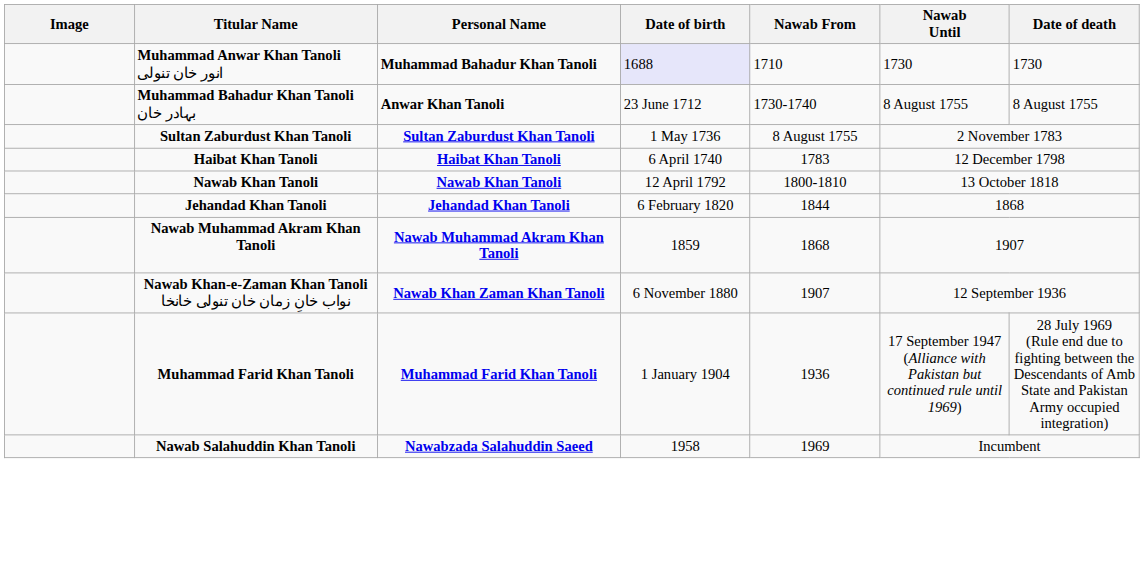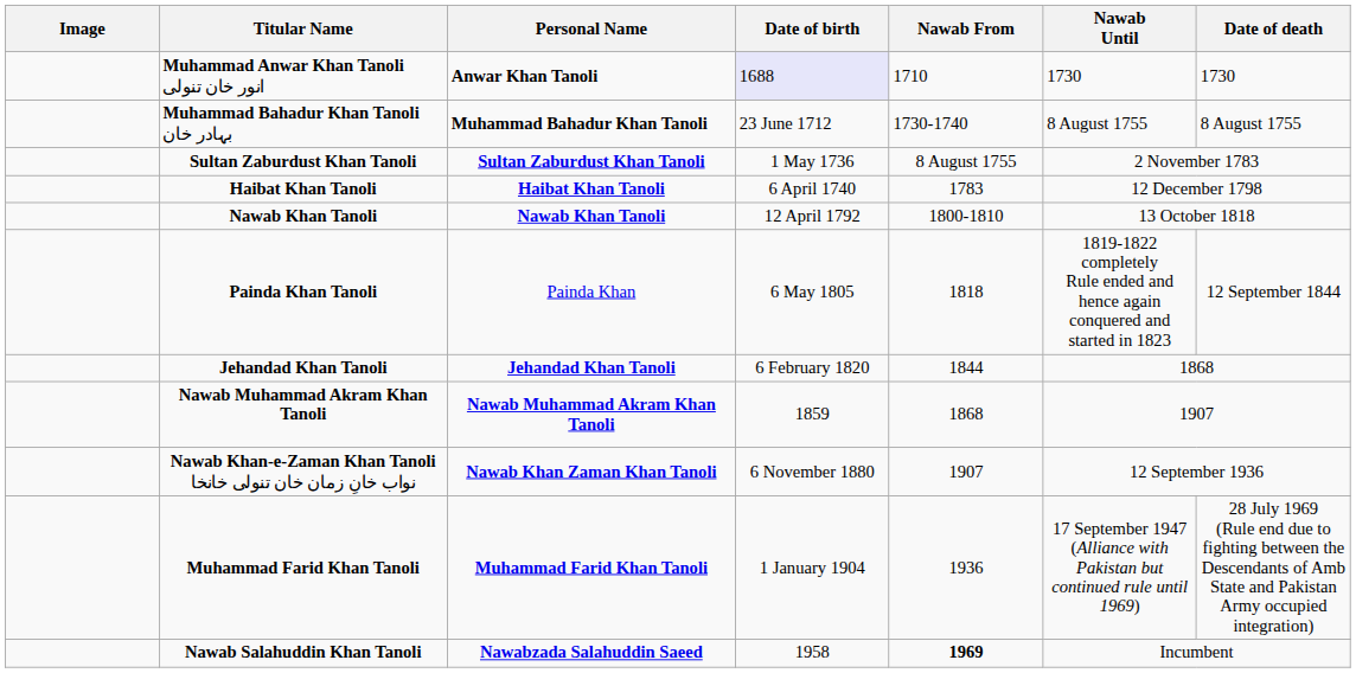 <table class="wikitable">
 <tr>
 <th width=8%>Image</th>
 <th width=15%>Titular Name</th>
 <th width=15%>Personal Name</th>
 <th width=8%>Date of birth</th>
 <th width=8%>Nawab From</th>
 <th width=8%>Nawab<br>Until</th>
 <th width=8%>Date of death</th>
 </tr>
 <tr>
 <td></td>
 <td><strong>Muhammad Anwar Khan Tanoli</strong><br>انور خان تنولی</td>
-<td><strong>Muhammad Bahadur Khan Tanoli</strong></td>
+<td><strong>Anwar Khan Tanoli</strong></td>
 <td style="background: lavender;">1688</td>
 <td>1710</td>
 <td>1730</td>
 <td>1730</td>
 </tr>
 <tr>
 <td></td>
 <td><strong>Muhammad Bahadur Khan Tanoli</strong><br>بہادر خان</td>
-<td><strong>Anwar Khan Tanoli</strong></td>
+<td><strong>Muhammad Bahadur Khan Tanoli</strong></td>
 <td>23 June 1712</td>
 <td>1730-1740</td>
 <td>8 August 1755</td>
 <td>8 August 1755</td>
 </tr>
 <tr>
 <td></td>
 <td align="center"><strong>Sultan Zaburdust Khan Tanoli</strong><br></td>
 <td align="center"><strong><a href='#'>Sultan Zaburdust Khan Tanoli</a></strong></td>
 <td align="center">1 May 1736</td>
 <td align="center">8 August 1755</td>
 <td align="center" colspan="2">2 November 1783</td>
 </tr>
 <tr>
 <td></td>
 <td align="center"><strong>Haibat Khan Tanoli</strong><br></td>
 <td align="center"><strong><a href='#'>Haibat Khan Tanoli</a></strong></td>
 <td align="center">6 April 1740</td>
 <td align="center">1783</td>
 <td align="center" colspan="2">12 December 1798</td>
 </tr>
 <tr>
 <td></td>
 <td align="center"><strong>Nawab Khan Tanoli</strong><br></td>
 <td align="center"><strong><a href='#'>Nawab Khan Tanoli</a></strong></td>
 <td align="center">12 April 1792</td>
 <td align="center">1800-1810</td>
 <td align="center" colspan="2">13 October 1818</td>
+</tr>
+<tr>
+<td></td>
+<td align="center"><strong>Painda Khan Tanoli</strong><br></td>
+<td align="center"><a href='#'>Painda Khan</a></td>
+<td align="center">6 May 1805</td>
+<td align="center">1818</td>
+<td align="center">1819-1822 completely<br>Rule ended and hence again conquered and started in 1823</td>
+<td align="center">12 September 1844</td>
 </tr>
 <tr>
 <td></td>
 <td align="center"><strong>Jehandad Khan Tanoli</strong><br></td>
 <td align="center"><strong><a href='#'>Jehandad Khan Tanoli</a></strong></td>
 <td align="center">6 February 1820</td>
 <td align="center">1844</td>
 <td colspan="2" align="center">1868</td>
 </tr>
 <tr>
 <td></td>
 <td align="center"><strong>Nawab Muhammad Akram Khan Tanoli</strong><br><br></td>
 <td align="center"><strong><a href='#'>Nawab Muhammad Akram Khan Tanoli</a></strong></td>
 <td align="center">1859</td>
 <td align="center">1868</td>
 <td align="center" colspan="2">1907</td>
 </tr>
 <tr>
 <td></td>
 <td align="center"><strong>Nawab Khan-e-Zaman Khan Tanoli</strong><br>نواب خانِ زمان خان تنولی خانخا<br></td>
 <td align="center"><strong><a href='#'>Nawab Khan Zaman Khan Tanoli</a></strong></td>
 <td align="center">6 November 1880</td>
 <td align="center">1907</td>
 <td align="center" colspan="2">12 September 1936</td>
 </tr>
 <tr>
 <td></td>
 <td align="center"><strong>Muhammad Farid Khan Tanoli</strong><br></td>
 <td align="center"><strong><a href='#'>Muhammad Farid Khan Tanoli</a></strong></td>
 <td align="center">1 January 1904</td>
 <td align="center">1936</td>
 <td align="center">17 September 1947<br>(<em>Alliance with Pakistan but continued rule until 1969</em>)</td>
 <td align="center">28 July 1969<br>(Rule end due to fighting between the Descendants of Amb State and Pakistan Army occupied integration)</td>
 </tr>
 <tr>
 <td></td>
 <td align="center"><strong>Nawab Salahuddin Khan Tanoli</strong><br></td>
 <td align="center"><strong><a href='#'>Nawabzada Salahuddin Saeed</a></strong></td>
 <td align="center">1958</td>
-<td align="center">1969</td>
+<td align="center"><strong>1969</strong></td>
 <td align="center" colspan="2">Incumbent</td>
 </tr>
 </table>
